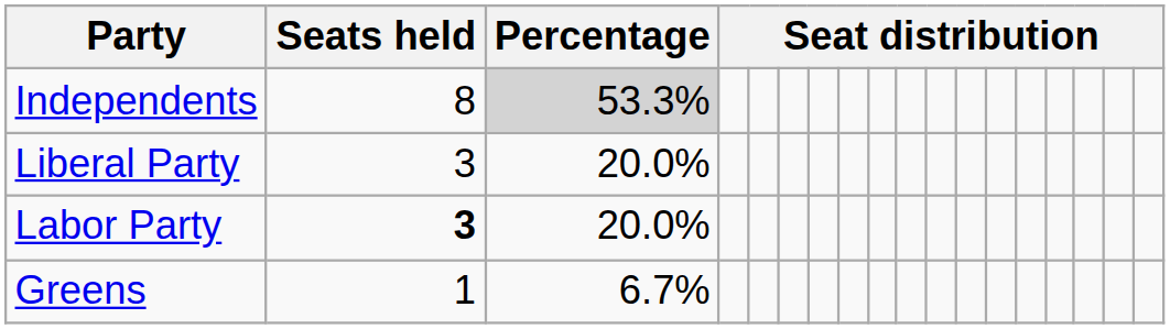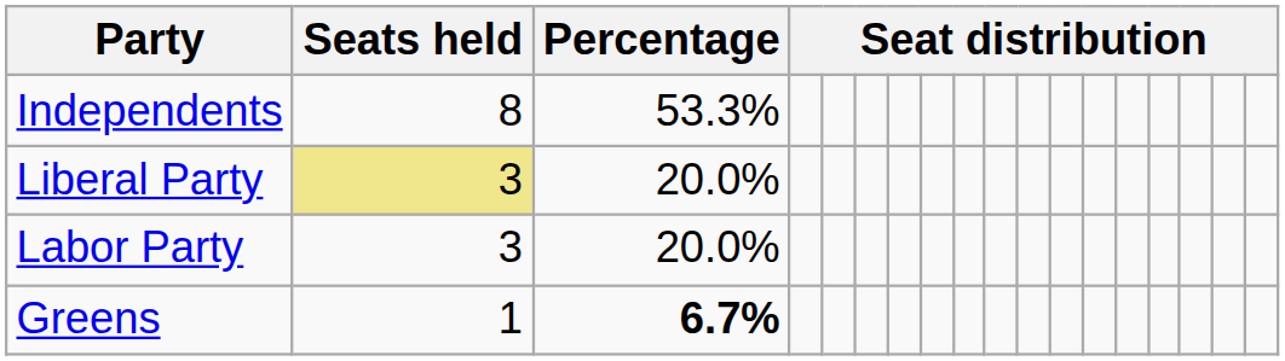 <table class="wikitable" style="text-align:right;">
 <tr>
 <th>Party</th>
 <th>Seats held</th>
 <th>Percentage</th>
 <th colspan=15>Seat distribution</th>
 </tr>
 <tr>
 <td style="text-align:left;"><a href='#'>Independents</a></td>
 <td>8</td>
-<td style="background: lightgrey;">53.3%</td>
+<td>53.3%</td>
 <td> </td>
 <td> </td>
 <td> </td>
 <td> </td>
 <td> </td>
 <td> </td>
 <td> </td>
 <td> </td>
 <td> </td>
 <td> </td>
 <td> </td>
 <td> </td>
 <td> </td>
 <td> </td>
 <td> </td>
 </tr>
 <tr>
 <td style="text-align:left;"><a href='#'>Liberal Party</a></td>
-<td>3</td>
+<td style="background: khaki;">3</td>
 <td>20.0%</td>
 <td> </td>
 <td> </td>
 <td> </td>
 <td> </td>
 <td> </td>
 <td> </td>
 <td> </td>
 <td> </td>
 <td> </td>
 <td> </td>
 <td> </td>
 <td> </td>
 <td> </td>
 <td> </td>
 <td> </td>
 </tr>
 <tr>
 <td style="text-align:left;"><a href='#'>Labor Party</a></td>
-<td><strong>3</strong></td>
+<td>3</td>
 <td>20.0%</td>
 <td> </td>
 <td> </td>
 <td> </td>
 <td> </td>
 <td> </td>
 <td> </td>
 <td> </td>
 <td> </td>
 <td> </td>
 <td> </td>
 <td> </td>
 <td> </td>
 <td> </td>
 <td> </td>
 <td> </td>
 </tr>
 <tr>
 <td style="text-align:left;"><a href='#'>Greens</a></td>
 <td>1</td>
-<td>6.7%</td>
+<td><strong>6.7%</strong></td>
 <td> </td>
 <td> </td>
 <td> </td>
 <td> </td>
 <td> </td>
 <td> </td>
 <td> </td>
 <td> </td>
 <td> </td>
 <td> </td>
 <td> </td>
 <td> </td>
 <td> </td>
 <td> </td>
 <td> </td>
 </tr>
 </table>
